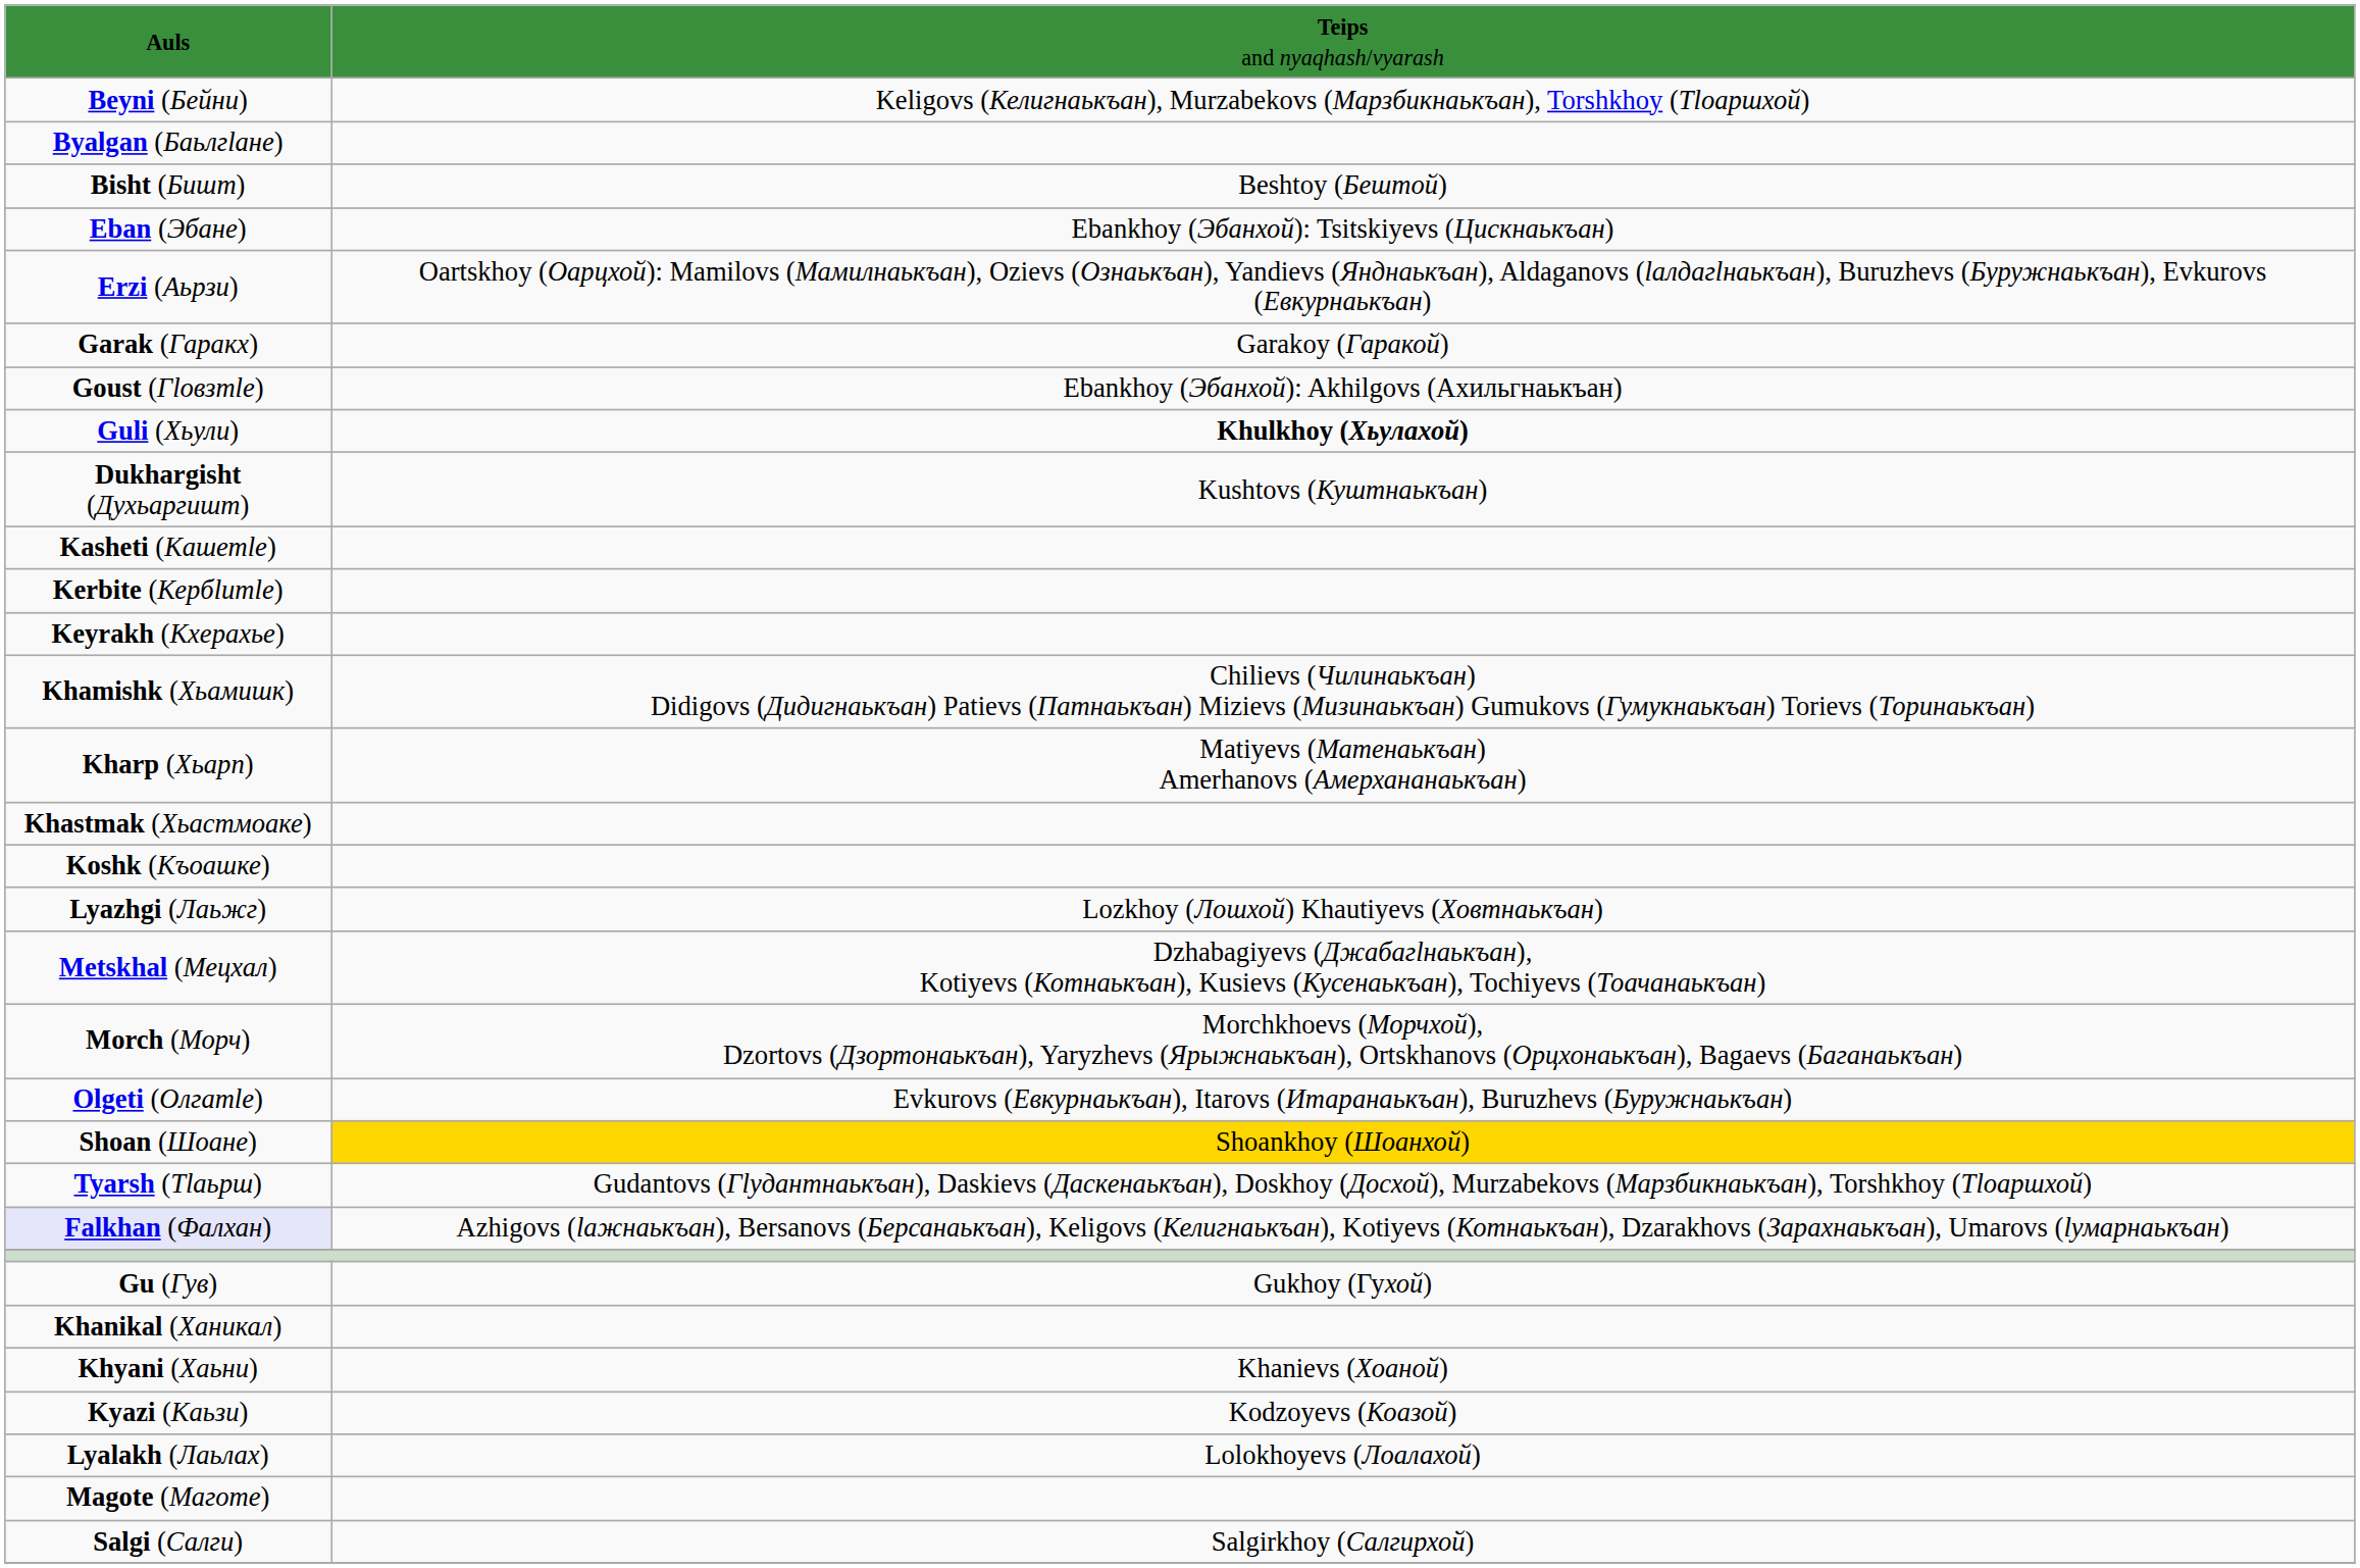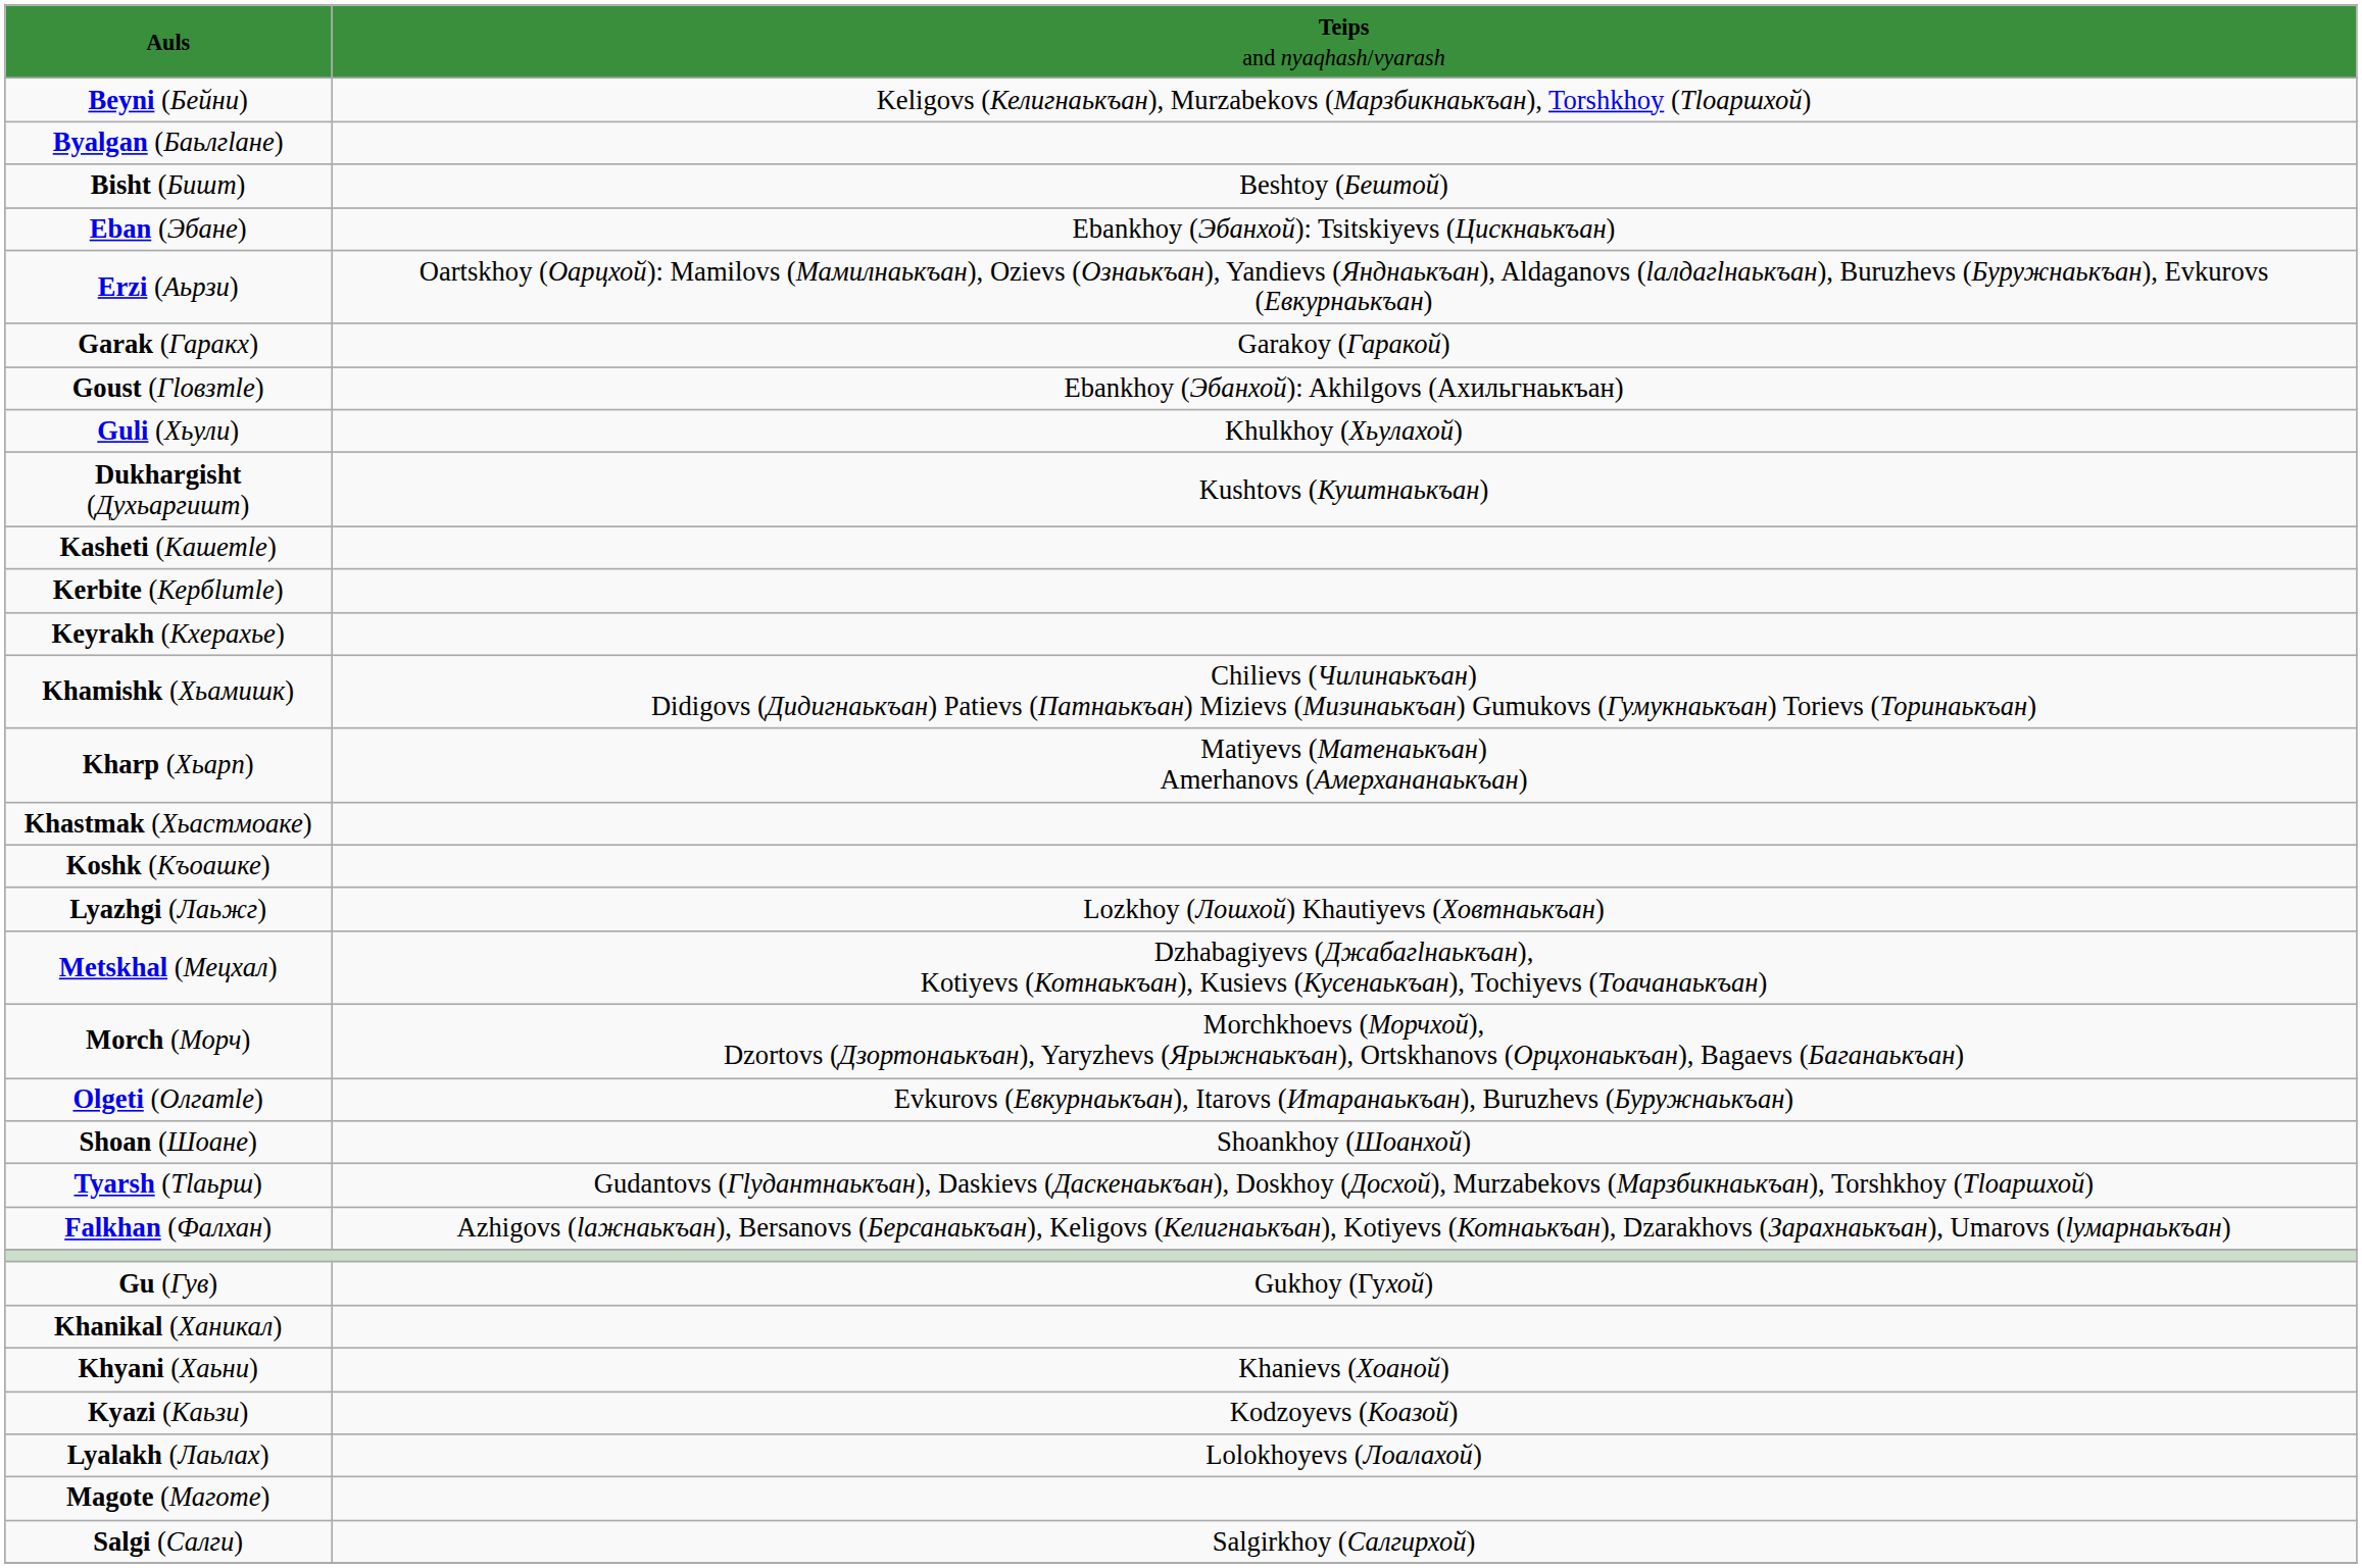 <table class="wikitable" style="width:70%; text-align:center;">
 <tr style="background: #3A8F3C; text-align: center">
 <td><small><span><strong>Auls</strong></span></small></td>
 <td><small><span><strong>Teips</strong><br> and <em>nyaqhash</em>/<em>vyarash</em></span></small></td>
 </tr>
 <tr>
 <td><strong><a href='#'>Beyni</a></strong> (<em>Бейни</em>)</td>
 <td>Keligovs (<em>Келигнаькъан</em>), Murzabekovs (<em>Марзбикнаькъан</em>), <a href='#'>Torshkhoy</a> (<em>Тӏоаршхой</em>)</td>
 </tr>
 <tr>
 <td><strong><a href='#'>Byalgan</a></strong> (<em>Баьлгӏане</em>)</td>
 <td></td>
 </tr>
 <tr>
 <td><strong>Bisht</strong> (<em>Бишт</em>)</td>
 <td>Beshtoy (<em>Бештой</em>)</td>
 </tr>
 <tr>
 <td><strong><a href='#'>Eban</a></strong> (<em>Эбане</em>)</td>
 <td>Ebankhoy (<em>Эбанхой</em>): Tsitskiyevs (<em>Цискнаькъан</em>)</td>
 </tr>
 <tr>
 <td><strong><a href='#'>Erzi</a></strong> (<em>Аьрзи</em>)</td>
 <td>Oartskhoy (<em>Оарцхой</em>): Mamilovs (<em>Мамилнаькъан</em>), Ozievs (<em>Ознаькъан</em>), Yandievs (<em>Янднаькъан</em>), Aldaganovs (<em>ӏалдагӏнаькъан</em>), Buruzhevs (<em>Буружнаькъан</em>), Evkurovs (<em>Евкурнаькъан</em>)</td>
 </tr>
 <tr>
 <td><strong>Garak</strong> (<em>Гаракх</em>)</td>
 <td>Garakoy (<em>Гаракой</em>)</td>
 </tr>
 <tr>
 <td><strong>Goust</strong> (<em>Гӏовзтӏе</em>)</td>
 <td>Ebankhoy (<em>Эбанхой</em>): Akhilgovs (Ахильгнаькъан)</td>
 </tr>
 <tr>
 <td><strong><a href='#'>Guli</a></strong> (<em>Хьули</em>)</td>
-<td><strong>Khulkhoy (<em>Хьулахой</em>)</strong></td>
+<td>Khulkhoy (<em>Хьулахой</em>)</td>
 </tr>
 <tr>
 <td><strong>Dukhargisht</strong> (<em>Духьаргишт</em>)</td>
 <td>Kushtovs (<em>Куштнаькъан</em>)</td>
 </tr>
 <tr>
 <td><strong>Kasheti</strong> (<em>Кашетӏе</em>)</td>
 <td></td>
 </tr>
 <tr>
 <td><strong>Kerbite</strong> (<em>Кербӏитӏе</em>)</td>
 <td></td>
 </tr>
 <tr>
 <td><strong>Keyrakh</strong> (<em>Кхерахье</em>)</td>
 <td></td>
 </tr>
 <tr>
 <td><strong>Khamishk</strong> (<em>Хьамишк</em>)</td>
 <td>Chilievs (<em>Чилинаькъан</em>)<br>Didigovs (<em>Дидигнаькъан</em>) Patievs (<em>Патнаькъан</em>) Mizievs (<em>Мизинаькъан</em>) Gumukovs (<em>Гумукнаькъан</em>) Torievs (<em>Торинаькъан</em>)</td>
 </tr>
 <tr>
 <td><strong>Kharp</strong> (<em>Хьарп</em>)</td>
 <td>Matiyevs (<em>Матенаькъан</em>)<br>Amerhanovs (<em>Амерхананаькъан</em>)</td>
 </tr>
 <tr>
 <td><strong>Khastmak</strong> (<em>Хьастмоаке</em>)</td>
 <td></td>
 </tr>
 <tr>
 <td><strong>Koshk</strong> (<em>Къоашке</em>)</td>
 <td></td>
 </tr>
 <tr>
 <td><strong>Lyazhgi</strong> (<em>Лаьжг</em>)</td>
 <td>Lozkhoy (<em>Лошхой</em>) Khautiyevs (<em>Ховтнаькъан</em>)</td>
 </tr>
 <tr>
 <td><strong><a href='#'>Metskhal</a></strong> (<em>Мецхал</em>)</td>
 <td>Dzhabagiyevs (<em>Джабагӏнаькъан</em>),<br>Kotiyevs (<em>Котнаькъан</em>),  Kusievs (<em>Кусенаькъан</em>),  Tochiyevs (<em>Тоачанаькъан</em>)</td>
 </tr>
 <tr>
 <td><strong>Morch</strong> (<em>Морч</em>)</td>
 <td>Morchkhoevs (<em>Морчхой</em>),<br>Dzortovs (<em>Дзортонаькъан</em>), Yaryzhevs (<em>Ярыжнаькъан</em>), Ortskhanovs (<em>Орцхонаькъан</em>), Bagaevs (<em>Баганаькъан</em>)</td>
 </tr>
 <tr>
 <td><strong><a href='#'>Olgeti</a></strong> (<em>Олгатӏе</em>)</td>
 <td>Evkurovs (<em>Евкурнаькъан</em>), Itarovs (<em>Итаранаькъан</em>), Buruzhevs (<em>Буружнаькъан</em>)</td>
 </tr>
 <tr>
 <td><strong>Shoan</strong> (<em>Шоане</em>)</td>
-<td style="background: gold;">Shoankhoy (<em>Шоанхой</em>)</td>
+<td>Shoankhoy (<em>Шоанхой</em>)</td>
 </tr>
 <tr>
 <td><strong><a href='#'>Tyarsh</a></strong> (<em>Тӏаьрш</em>)</td>
 <td>Gudantovs (<em>Гӏудантнаькъан</em>), Daskievs (<em>Даскенаькъан</em>), Doskhoy (<em>Досхой</em>), Murzabekovs (<em>Марзбикнаькъан</em>), Torshkhoy (<em>Тӏоаршхой</em>)</td>
 </tr>
 <tr>
-<td style="background: lavender;"><strong><a href='#'>Falkhan</a></strong> (<em>Фалхан</em>)</td>
+<td><strong><a href='#'>Falkhan</a></strong> (<em>Фалхан</em>)</td>
 <td>Azhigovs (<em>ӏажнаькъан</em>), Bersanovs (<em>Берсанаькъан</em>), Keligovs (<em>Келигнаькъан</em>), Kotiyevs (<em>Котнаькъан</em>), Dzarakhovs (<em>Зарахнаькъан</em>), Umarovs (<em>ӏумарнаькъан</em>)</td>
 </tr>
 <tr>
 </tr>
 <tr style="background: #3A8F3B3D">
 <td colspan="78"></td>
 </tr>
 <tr>
 <td><strong>Gu</strong> (<em>Гув</em>)</td>
 <td>Gukhoy (Гу<em>хой</em>)</td>
 </tr>
 <tr>
 <td><strong>Khanikal</strong> (<em>Ханикал</em>)</td>
 <td></td>
 </tr>
 <tr>
 <td><strong>Khyani</strong> (<em>Хаьни</em>)</td>
 <td>Khanievs (<em>Хоаной</em>)</td>
 </tr>
 <tr>
 <td><strong>Kyazi</strong> (<em>Каьзи</em>)</td>
 <td>Kodzoyevs (<em>Коазой</em>)</td>
 </tr>
 <tr>
 <td><strong>Lyalakh</strong> (<em>Лаьлах</em>)</td>
 <td>Lolokhoyevs (<em>Лоалахой</em>)</td>
 </tr>
 <tr>
 <td><strong>Magote</strong> (<em>Маготе</em>)</td>
 <td></td>
 </tr>
 <tr>
 <td><strong>Salgi</strong> (<em>Салги</em>)</td>
 <td>Salgirkhoy (<em>Салгирхой</em>)</td>
 </tr>
 <tr>
 </tr>
 </table>
